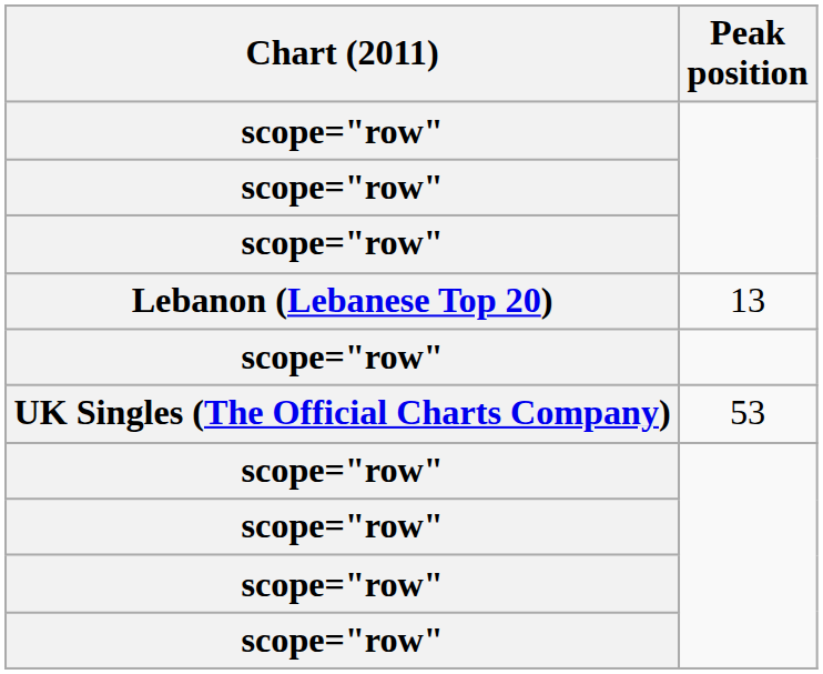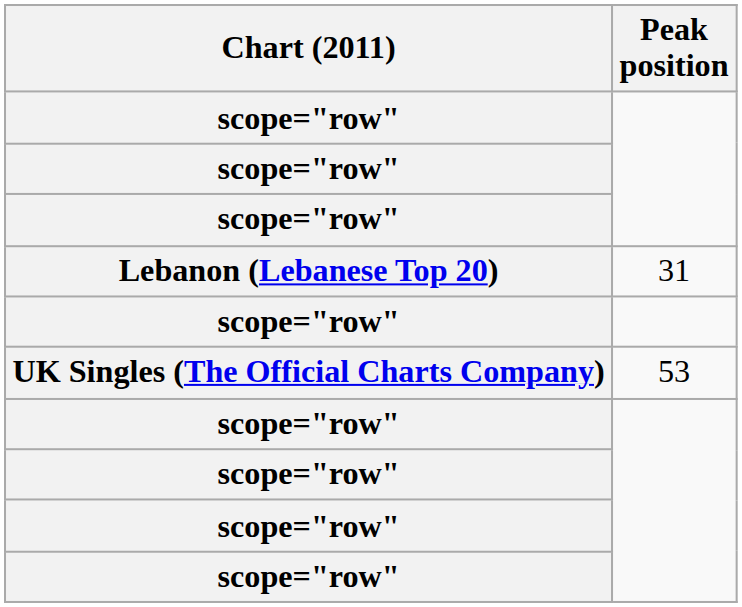 <table class="wikitable sortable plainrowheaders" style="text-align:center;">
 <tr>
 <th scope="col">Chart (2011)</th>
 <th scope="col">Peak<br>position</th>
 </tr>
 <tr>
 <th>scope="row"</th>
 </tr>
 <tr>
 <th>scope="row"</th>
 </tr>
 <tr>
 <th>scope="row"</th>
 </tr>
 <tr>
 <th scope="row">Lebanon (<a href='#'>Lebanese Top 20</a>)</th>
-<td>13</td>
+<td>31</td>
 </tr>
 <tr>
 <th>scope="row"</th>
 </tr>
 <tr>
 <th scope="row">UK Singles (<a href='#'>The Official Charts Company</a>)</th>
 <td>53</td>
 </tr>
 <tr>
 <th>scope="row"</th>
 </tr>
 <tr>
 <th>scope="row"</th>
 </tr>
 <tr>
 <th>scope="row"</th>
 </tr>
 <tr>
 <th>scope="row"</th>
 </tr>
 </table>
